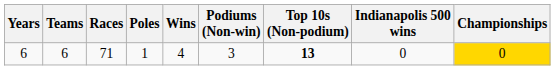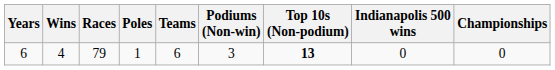 <table class="wikitable" style="text-align:center; font-size:95%">
 <tr>
 <th>Years</th>
-<th>Teams</th>
+<th>Wins</th>
 <th>Races</th>
 <th>Poles</th>
-<th>Wins</th>
+<th>Teams</th>
 <th>Podiums<br>(Non-win)</th>
 <th>Top 10s<br>(Non-podium)</th>
 <th>Indianapolis 500<br>wins</th>
 <th>Championships</th>
 </tr>
 <tr>
 <td>6</td>
+<td>4</td>
+<td>79</td>
+<td>1</td>
 <td>6</td>
-<td>71</td>
-<td>1</td>
-<td>4</td>
 <td>3</td>
 <td><strong>13</strong></td>
 <td>0</td>
-<td style="background: gold;">0</td>
+<td>0</td>
 </tr>
 </table>
